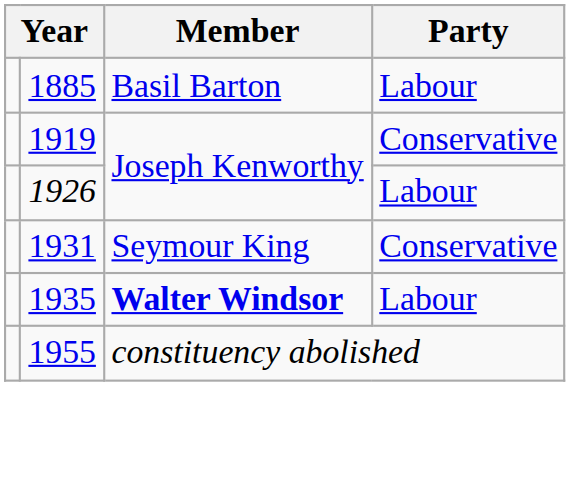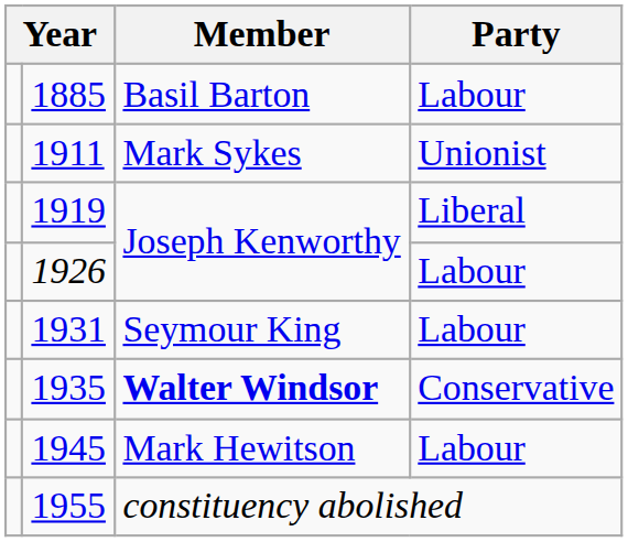 <table class="wikitable">
 <tr>
 <th colspan="2">Year</th>
 <th>Member</th>
 <th>Party</th>
 </tr>
 <tr>
 <td style="color:inherit;background-color: "></td>
 <td><a href='#'>1885</a></td>
 <td><a href='#'>Basil Barton</a></td>
 <td><a href='#'>Labour</a></td>
 </tr>
 <tr>
 <td style="color:inherit;background-color: "></td>
+<td><a href='#'>1911</a></td>
+<td><a href='#'>Mark Sykes</a></td>
+<td><a href='#'>Unionist</a></td>
+</tr>
+<tr>
+<td style="color:inherit;background-color: "></td>
 <td><a href='#'>1919</a></td>
 <td rowspan="2"><a href='#'>Joseph Kenworthy</a></td>
-<td><a href='#'>Conservative</a></td>
+<td><a href='#'>Liberal</a></td>
 </tr>
 <tr>
 <td style="color:inherit;background-color: "></td>
 <td><em>1926</em></td>
 <td><a href='#'>Labour</a></td>
 </tr>
 <tr>
 <td style="color:inherit;background-color: "></td>
 <td><a href='#'>1931</a></td>
 <td><a href='#'>Seymour King</a></td>
-<td><a href='#'>Conservative</a></td>
+<td><a href='#'>Labour</a></td>
 </tr>
 <tr>
 <td style="color:inherit;background-color: "></td>
 <td><a href='#'>1935</a></td>
 <td><strong><a href='#'>Walter Windsor</a></strong></td>
+<td><a href='#'>Conservative</a></td>
+</tr>
+<tr>
+<td style="color:inherit;background-color: "></td>
+<td><a href='#'>1945</a></td>
+<td><a href='#'>Mark Hewitson</a></td>
 <td><a href='#'>Labour</a></td>
 </tr>
 <tr>
 <td></td>
 <td><a href='#'>1955</a></td>
 <td colspan="2"><em>constituency abolished</em></td>
 </tr>
 </table>
